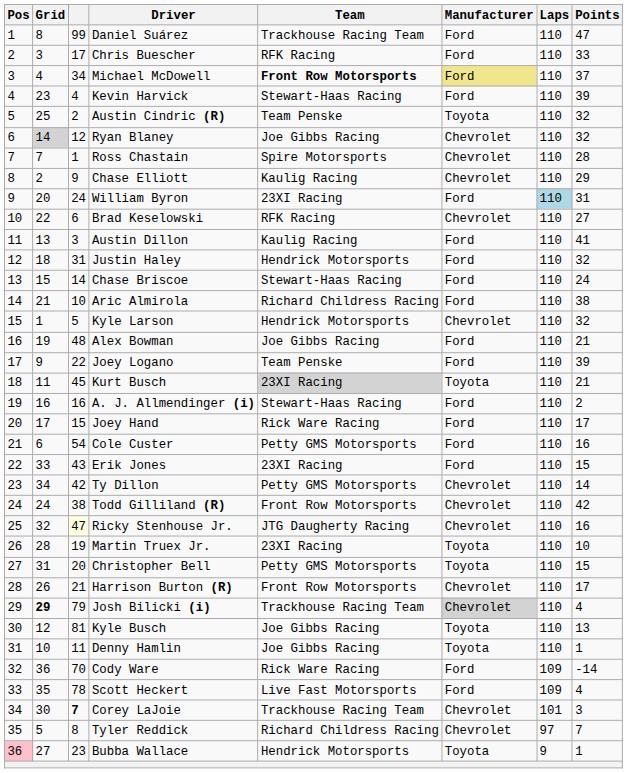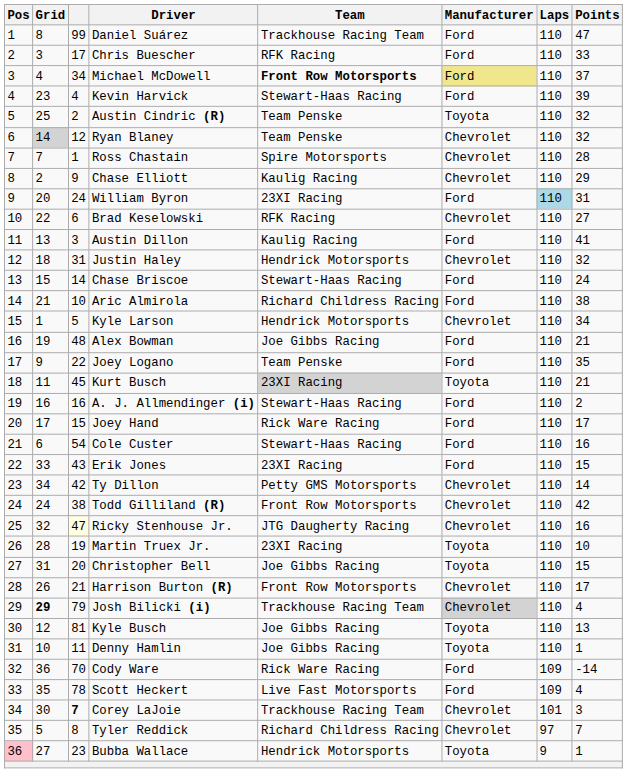 <table class="wikitable" style="font-size:98%">
 <tr>
 <th>Pos</th>
 <th>Grid</th>
 <th></th>
 <th>Driver</th>
 <th>Team</th>
 <th>Manufacturer</th>
 <th>Laps</th>
 <th>Points</th>
 </tr>
 <tr>
 <td>1</td>
 <td>8</td>
 <td>99</td>
 <td>Daniel Suárez</td>
 <td>Trackhouse Racing Team</td>
 <td>Ford</td>
 <td>110</td>
 <td>47</td>
 </tr>
 <tr>
 <td>2</td>
 <td>3</td>
 <td>17</td>
 <td>Chris Buescher</td>
 <td>RFK Racing</td>
 <td>Ford</td>
 <td>110</td>
 <td>33</td>
 </tr>
 <tr>
 <td>3</td>
 <td>4</td>
 <td>34</td>
 <td>Michael McDowell</td>
 <td><strong>Front Row Motorsports</strong></td>
 <td style="background: khaki;">Ford</td>
 <td>110</td>
 <td>37</td>
 </tr>
 <tr>
 <td>4</td>
 <td>23</td>
 <td>4</td>
 <td>Kevin Harvick</td>
 <td>Stewart-Haas Racing</td>
 <td>Ford</td>
 <td>110</td>
 <td>39</td>
 </tr>
 <tr>
 <td>5</td>
 <td>25</td>
 <td>2</td>
 <td>Austin Cindric <strong>(R)</strong></td>
 <td>Team Penske</td>
 <td>Toyota</td>
 <td>110</td>
 <td>32</td>
 </tr>
 <tr>
 <td>6</td>
 <td style="background: lightgrey;">14</td>
 <td>12</td>
 <td>Ryan Blaney</td>
-<td>Joe Gibbs Racing</td>
+<td>Team Penske</td>
 <td>Chevrolet</td>
 <td>110</td>
 <td>32</td>
 </tr>
 <tr>
 <td>7</td>
 <td>7</td>
 <td>1</td>
 <td>Ross Chastain</td>
 <td>Spire Motorsports</td>
 <td>Chevrolet</td>
 <td>110</td>
 <td>28</td>
 </tr>
 <tr>
 <td>8</td>
 <td>2</td>
 <td>9</td>
 <td>Chase Elliott</td>
 <td>Kaulig Racing</td>
 <td>Chevrolet</td>
 <td>110</td>
 <td>29</td>
 </tr>
 <tr>
 <td>9</td>
 <td>20</td>
 <td>24</td>
 <td>William Byron</td>
 <td>23XI Racing</td>
 <td>Ford</td>
 <td style="background: lightblue;">110</td>
 <td>31</td>
 </tr>
 <tr>
 <td>10</td>
 <td>22</td>
 <td>6</td>
 <td>Brad Keselowski</td>
 <td>RFK Racing</td>
 <td>Chevrolet</td>
 <td>110</td>
 <td>27</td>
 </tr>
 <tr>
 <td>11</td>
 <td>13</td>
 <td>3</td>
 <td>Austin Dillon</td>
 <td>Kaulig Racing</td>
 <td>Ford</td>
 <td>110</td>
 <td>41</td>
 </tr>
 <tr>
 <td>12</td>
 <td>18</td>
 <td>31</td>
 <td>Justin Haley</td>
 <td>Hendrick Motorsports</td>
-<td>Ford</td>
+<td>Chevrolet</td>
 <td>110</td>
 <td>32</td>
 </tr>
 <tr>
 <td>13</td>
 <td>15</td>
 <td>14</td>
 <td>Chase Briscoe</td>
 <td>Stewart-Haas Racing</td>
 <td>Ford</td>
 <td>110</td>
 <td>24</td>
 </tr>
 <tr>
 <td>14</td>
 <td>21</td>
 <td>10</td>
 <td>Aric Almirola</td>
 <td>Richard Childress Racing</td>
 <td>Ford</td>
 <td>110</td>
 <td>38</td>
 </tr>
 <tr>
 <td>15</td>
 <td>1</td>
 <td>5</td>
 <td>Kyle Larson</td>
 <td>Hendrick Motorsports</td>
 <td>Chevrolet</td>
 <td>110</td>
-<td>32</td>
+<td>34</td>
 </tr>
 <tr>
 <td>16</td>
 <td>19</td>
 <td>48</td>
 <td>Alex Bowman</td>
 <td>Joe Gibbs Racing</td>
 <td>Ford</td>
 <td>110</td>
 <td>21</td>
 </tr>
 <tr>
 <td>17</td>
 <td>9</td>
 <td>22</td>
 <td>Joey Logano</td>
 <td>Team Penske</td>
 <td>Ford</td>
 <td>110</td>
-<td>39</td>
+<td>35</td>
 </tr>
 <tr>
 <td>18</td>
 <td>11</td>
 <td>45</td>
 <td>Kurt Busch</td>
 <td style="background: lightgrey;">23XI Racing</td>
 <td>Toyota</td>
 <td>110</td>
 <td>21</td>
 </tr>
 <tr>
 <td>19</td>
 <td>16</td>
 <td>16</td>
 <td>A. J. Allmendinger <strong>(i)</strong></td>
 <td>Stewart-Haas Racing</td>
 <td>Ford</td>
 <td>110</td>
 <td>2</td>
 </tr>
 <tr>
 <td>20</td>
 <td>17</td>
 <td>15</td>
 <td>Joey Hand</td>
 <td>Rick Ware Racing</td>
 <td>Ford</td>
 <td>110</td>
 <td>17</td>
 </tr>
 <tr>
 <td>21</td>
 <td>6</td>
 <td>54</td>
 <td>Cole Custer</td>
-<td>Petty GMS Motorsports</td>
+<td>Stewart-Haas Racing</td>
 <td>Ford</td>
 <td>110</td>
 <td>16</td>
 </tr>
 <tr>
 <td>22</td>
 <td>33</td>
 <td>43</td>
 <td>Erik Jones</td>
 <td>23XI Racing</td>
 <td>Ford</td>
 <td>110</td>
 <td>15</td>
 </tr>
 <tr>
 <td>23</td>
 <td>34</td>
 <td>42</td>
 <td>Ty Dillon</td>
 <td>Petty GMS Motorsports</td>
 <td>Chevrolet</td>
 <td>110</td>
 <td>14</td>
 </tr>
 <tr>
 <td>24</td>
 <td>24</td>
 <td>38</td>
 <td>Todd Gilliland <strong>(R)</strong></td>
 <td>Front Row Motorsports</td>
 <td>Chevrolet</td>
 <td>110</td>
 <td>42</td>
 </tr>
 <tr>
 <td>25</td>
 <td>32</td>
 <td style="background: lightyellow;">47</td>
 <td>Ricky Stenhouse Jr.</td>
 <td>JTG Daugherty Racing</td>
 <td>Chevrolet</td>
 <td>110</td>
 <td>16</td>
 </tr>
 <tr>
 <td>26</td>
 <td>28</td>
 <td>19</td>
 <td>Martin Truex Jr.</td>
 <td>23XI Racing</td>
 <td>Toyota</td>
 <td>110</td>
 <td>10</td>
 </tr>
 <tr>
 <td>27</td>
 <td>31</td>
 <td>20</td>
 <td>Christopher Bell</td>
-<td>Petty GMS Motorsports</td>
+<td>Joe Gibbs Racing</td>
 <td>Toyota</td>
 <td>110</td>
 <td>15</td>
 </tr>
 <tr>
 <td>28</td>
 <td>26</td>
 <td>21</td>
 <td>Harrison Burton <strong>(R)</strong></td>
 <td>Front Row Motorsports</td>
 <td>Chevrolet</td>
 <td>110</td>
 <td>17</td>
 </tr>
 <tr>
 <td>29</td>
 <td><strong>29</strong></td>
 <td>79</td>
 <td>Josh Bilicki <strong>(i)</strong></td>
 <td>Trackhouse Racing Team</td>
 <td style="background: lightgrey;">Chevrolet</td>
 <td>110</td>
 <td>4</td>
 </tr>
 <tr>
 <td>30</td>
 <td>12</td>
 <td>81</td>
 <td>Kyle Busch</td>
 <td>Joe Gibbs Racing</td>
 <td>Toyota</td>
 <td>110</td>
 <td>13</td>
 </tr>
 <tr>
 <td>31</td>
 <td>10</td>
 <td>11</td>
 <td>Denny Hamlin</td>
 <td>Joe Gibbs Racing</td>
 <td>Toyota</td>
 <td>110</td>
 <td>1</td>
 </tr>
 <tr>
 <td>32</td>
 <td>36</td>
 <td>70</td>
 <td>Cody Ware</td>
 <td>Rick Ware Racing</td>
 <td>Ford</td>
 <td>109</td>
 <td>-14 </td>
 </tr>
 <tr>
 <td>33</td>
 <td>35</td>
 <td>78</td>
 <td>Scott Heckert</td>
 <td>Live Fast Motorsports</td>
 <td>Ford</td>
 <td>109</td>
 <td>4</td>
 </tr>
 <tr>
 <td>34</td>
 <td>30</td>
 <td><strong>7</strong></td>
 <td>Corey LaJoie</td>
 <td>Trackhouse Racing Team</td>
 <td>Chevrolet</td>
 <td>101</td>
 <td>3</td>
 </tr>
 <tr>
 <td>35</td>
 <td>5</td>
 <td>8</td>
 <td>Tyler Reddick</td>
 <td>Richard Childress Racing</td>
 <td>Chevrolet</td>
 <td>97</td>
 <td>7</td>
 </tr>
 <tr>
 <td style="background: pink;">36</td>
 <td>27</td>
 <td>23</td>
 <td>Bubba Wallace</td>
 <td>Hendrick Motorsports</td>
 <td>Toyota</td>
 <td>9</td>
 <td>1</td>
 </tr>
 <tr>
 <th colspan="8"></th>
 </tr>
 </table>
